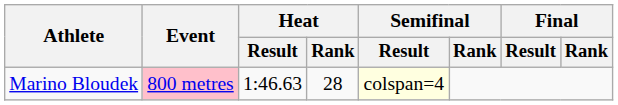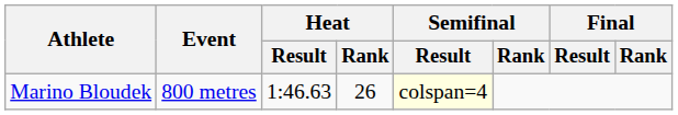 <table class="wikitable" style="font-size:90%">
 <tr>
 <th rowspan="2">Athlete</th>
 <th rowspan="2">Event</th>
 <th colspan="2">Heat</th>
 <th colspan="2">Semifinal</th>
 <th colspan="2">Final</th>
 </tr>
 <tr style="font-size:95%">
 <th>Result</th>
 <th>Rank</th>
 <th>Result</th>
 <th>Rank</th>
 <th>Result</th>
 <th>Rank</th>
 </tr>
 <tr align=center>
 <td align=left><a href='#'>Marino Bloudek</a></td>
-<td align=left style="background: pink;"><a href='#'>800 metres</a></td>
+<td align=left><a href='#'>800 metres</a></td>
 <td>1:46.63</td>
-<td>28</td>
+<td>26</td>
 <td style="background: lightyellow;">colspan=4 </td>
 </tr>
 </table>
